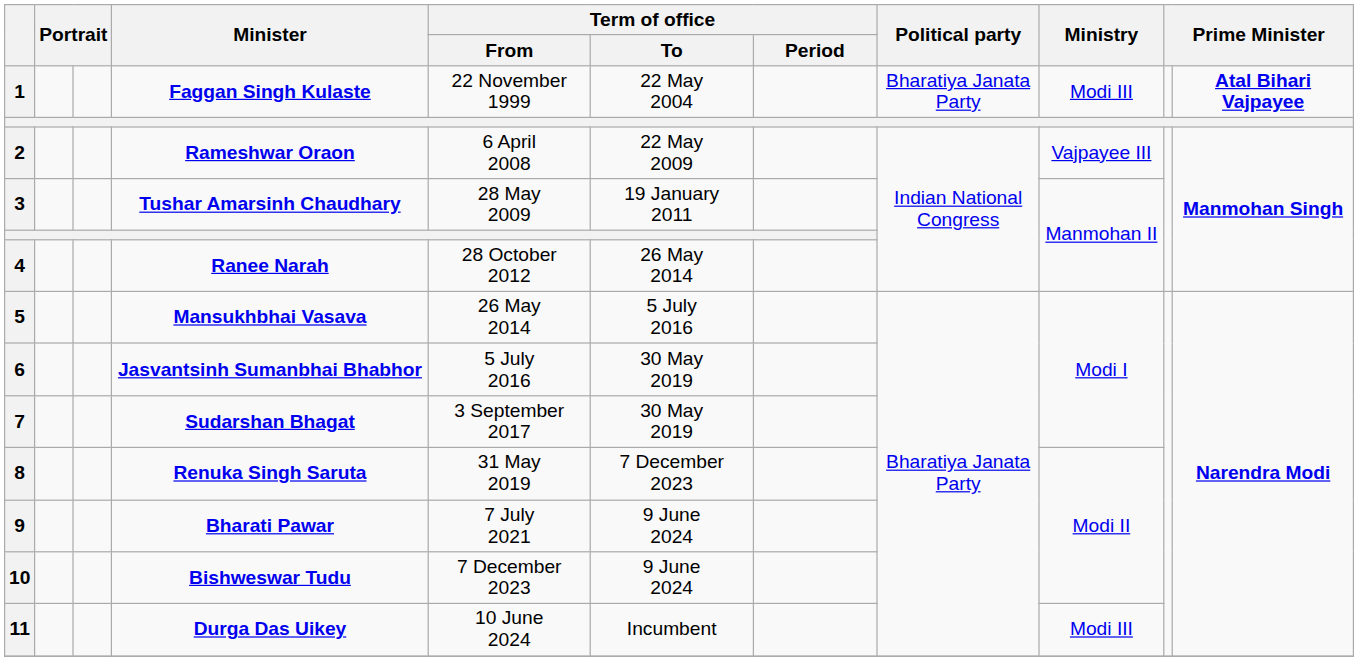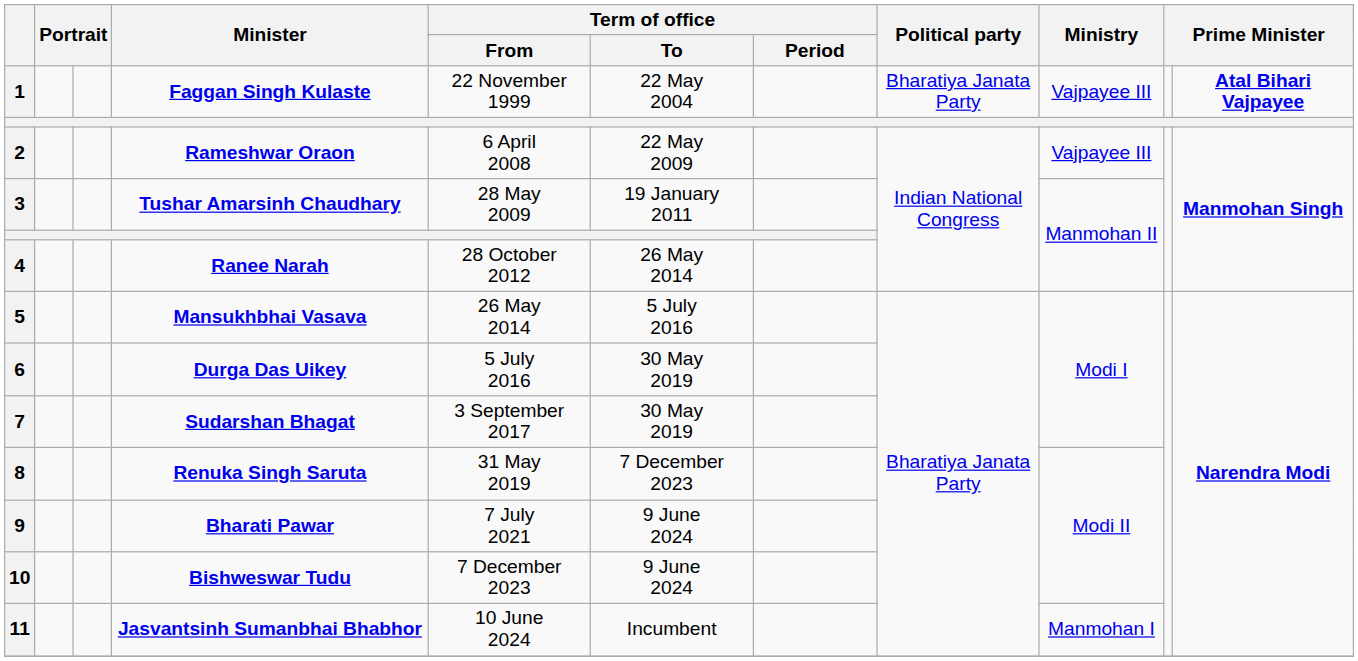 <table class="wikitable" style="text-align:center">
 <tr>
 <th rowspan="2"></th>
 <th rowspan="2" colspan="2">Portrait</th>
 <th rowspan="2" style="width:16em">Minister<br></th>
 <th colspan="3">Term of office</th>
 <th rowspan="2" style="width:8em">Political party</th>
 <th rowspan="2" style="width:6em">Ministry</th>
 <th rowspan="2" colspan="2">Prime Minister</th>
 </tr>
 <tr>
 <th style="width:8em">From</th>
 <th style="width:8em">To</th>
 <th style="width:6em">Period</th>
 </tr>
 <tr>
 <th>1</th>
 <td></td>
 <td></td>
 <td><strong><a href='#'>Faggan Singh Kulaste</a></strong><br></td>
 <td>22 November<br>1999</td>
 <td>22 May<br>2004</td>
 <td><strong></strong></td>
 <td><a href='#'>Bharatiya Janata Party</a></td>
-<td><a href='#'>Modi III</a></td>
+<td><a href='#'>Vajpayee III</a></td>
 <td></td>
 <td style="width:9em"><strong><a href='#'>Atal Bihari Vajpayee</a></strong></td>
 </tr>
 <tr>
 <th colspan="11"></th>
 </tr>
 <tr>
 <th>2</th>
 <td></td>
 <td></td>
 <td><strong><a href='#'>Rameshwar Oraon</a></strong><br></td>
 <td>6 April<br>2008</td>
 <td>22 May<br>2009</td>
 <td><strong></strong></td>
 <td rowspan="4"><a href='#'>Indian National Congress</a></td>
 <td><a href='#'>Vajpayee III</a></td>
 <td rowspan="4"></td>
 <td rowspan="4"><strong><a href='#'>Manmohan Singh</a></strong></td>
 </tr>
 <tr>
 <th>3</th>
 <td></td>
 <td></td>
 <td><strong><a href='#'>Tushar Amarsinh Chaudhary</a></strong><br></td>
 <td>28 May<br>2009</td>
 <td>19 January<br>2011</td>
 <td><strong></strong></td>
 <td rowspan="3"><a href='#'>Manmohan II</a></td>
 </tr>
 <tr>
 <th colspan="7"></th>
 </tr>
 <tr>
 <th>4</th>
 <td></td>
 <td></td>
 <td><strong><a href='#'>Ranee Narah</a></strong><br></td>
 <td>28 October<br>2012</td>
 <td>26 May<br>2014</td>
 <td><strong></strong></td>
 </tr>
 <tr>
 <th>5</th>
 <td></td>
 <td></td>
 <td><strong><a href='#'>Mansukhbhai Vasava</a></strong><br></td>
 <td>26 May<br>2014</td>
 <td>5 July<br>2016</td>
 <td><strong></strong></td>
 <td rowspan="7"><a href='#'>Bharatiya Janata Party</a></td>
 <td rowspan="3"><a href='#'>Modi I</a></td>
 <td rowspan="7"></td>
 <td rowspan="7"><strong><a href='#'>Narendra Modi</a></strong></td>
 </tr>
 <tr>
 <th>6</th>
 <td></td>
 <td></td>
-<td><strong><a href='#'>Jasvantsinh Sumanbhai Bhabhor</a></strong><br></td>
+<td><strong><a href='#'>Durga Das Uikey</a></strong><br></td>
 <td>5 July<br>2016</td>
 <td>30 May<br>2019</td>
 <td><strong></strong></td>
 </tr>
 <tr>
 <th>7</th>
 <td></td>
 <td></td>
 <td><strong><a href='#'>Sudarshan Bhagat</a></strong><br></td>
 <td>3 September<br>2017</td>
 <td>30 May<br>2019</td>
 <td><strong></strong></td>
 </tr>
 <tr>
 <th>8</th>
 <td></td>
 <td></td>
 <td><a href='#'><strong>Renuka Singh Saruta</strong></a><br></td>
 <td>31 May<br>2019</td>
 <td>7 December<br>2023</td>
 <td><strong></strong></td>
 <td rowspan="3"><a href='#'>Modi II</a></td>
 </tr>
 <tr>
 <th>9</th>
 <td></td>
 <td></td>
 <td><strong><a href='#'>Bharati Pawar</a></strong><br></td>
 <td>7 July<br>2021</td>
 <td>9 June<br>2024</td>
 <td><strong></strong></td>
 </tr>
 <tr>
 <th>10</th>
 <td></td>
 <td></td>
 <td><strong><a href='#'>Bishweswar Tudu</a></strong><br></td>
 <td>7 December<br>2023</td>
 <td>9 June<br>2024</td>
 <td><strong></strong></td>
 </tr>
 <tr>
 <th>11</th>
 <td></td>
 <td></td>
-<td><strong><a href='#'>Durga Das Uikey</a></strong><br></td>
+<td><strong><a href='#'>Jasvantsinh Sumanbhai Bhabhor</a></strong><br></td>
 <td>10 June<br>2024</td>
 <td>Incumbent</td>
 <td><strong></strong></td>
-<td><a href='#'>Modi III</a></td>
+<td><a href='#'>Manmohan I</a></td>
 </tr>
 <tr>
 </tr>
 </table>
